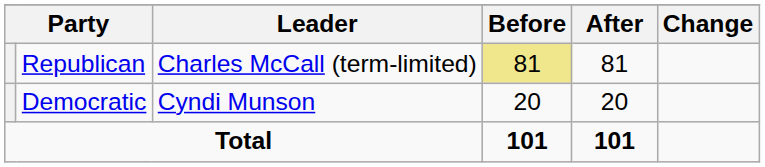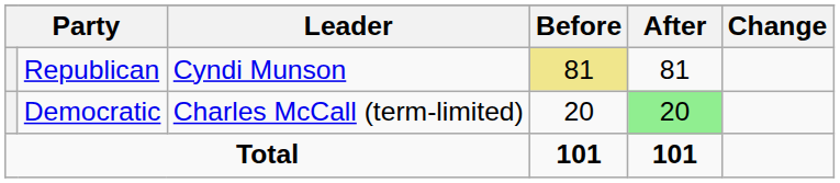 <table class="wikitable" style="text-align:center;">
 <tr>
 </tr>
 <tr>
 <th colspan="2">Party</th>
 <th>Leader</th>
 <th style="width:3em">Before</th>
 <th style="width:3em">After</th>
 <th style="width:3em">Change</th>
 </tr>
 <tr>
 <th style="background-color:"></th>
 <td style="text-align:left;"><a href='#'>Republican</a></td>
-<td style="text-align:left;"><a href='#'>Charles McCall</a> (term-limited)</td>
+<td style="text-align:left;"><a href='#'>Cyndi Munson</a></td>
 <td style="background: khaki;">81</td>
 <td>81</td>
 <td></td>
 </tr>
 <tr>
 <th style="background-color:"></th>
 <td style="text-align:left;"><a href='#'>Democratic</a></td>
-<td style="text-align:left;"><a href='#'>Cyndi Munson</a></td>
+<td style="text-align:left;"><a href='#'>Charles McCall</a> (term-limited)</td>
 <td>20</td>
-<td>20</td>
+<td style="background: lightgreen;">20</td>
 <td></td>
 </tr>
 <tr>
 <td colspan="3"><strong>Total</strong></td>
 <td><strong>101</strong></td>
 <td><strong>101</strong></td>
 <td></td>
 </tr>
 </table>
